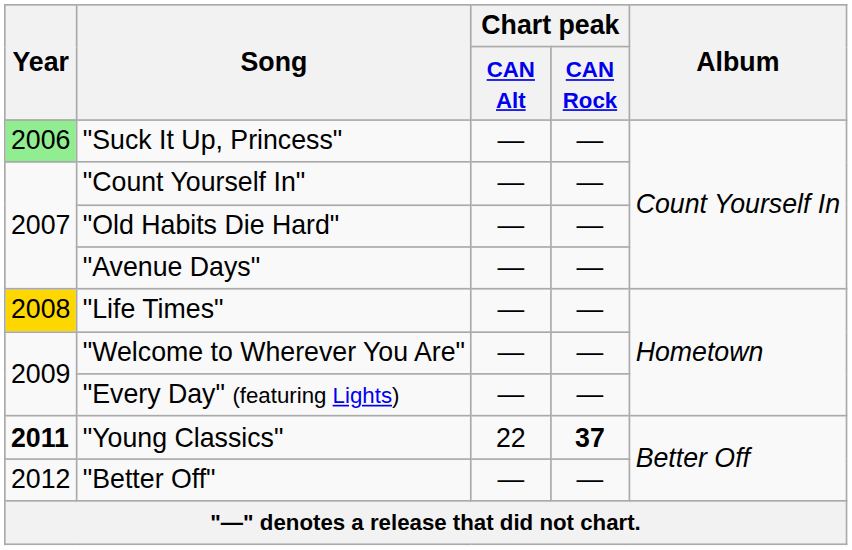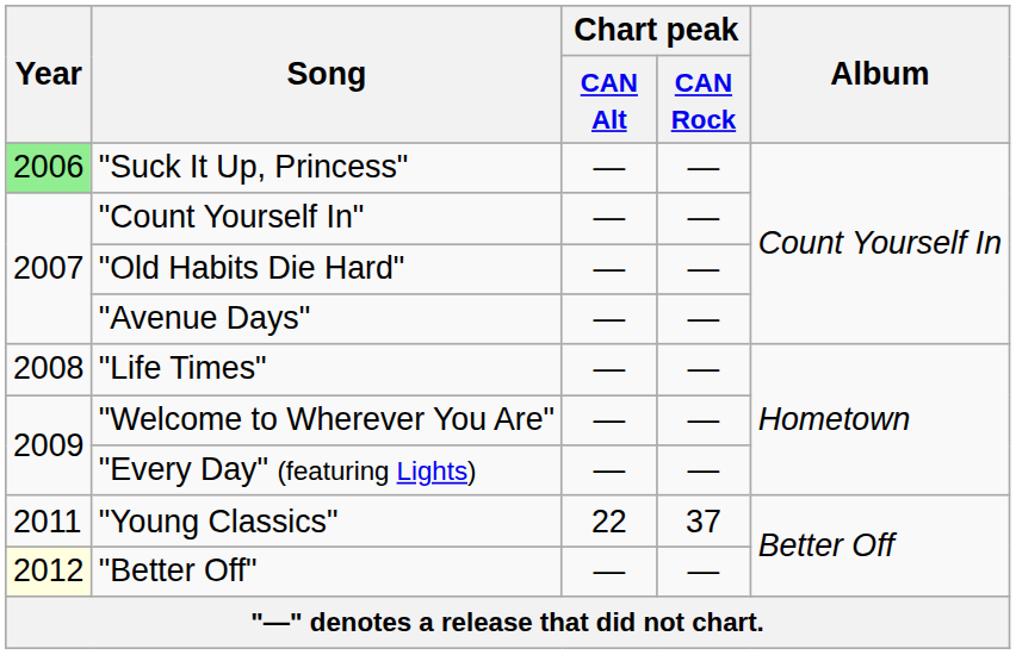 <table class="wikitable">
 <tr>
 <th rowspan="2">Year</th>
 <th rowspan="2">Song</th>
 <th colspan="2">Chart peak</th>
 <th rowspan="2">Album</th>
 </tr>
 <tr>
 <th style="width:40px;"><small><a href='#'>CAN<br>Alt</a><br></small></th>
 <th style="width:40px;"><small><a href='#'>CAN<br>Rock</a><br></small></th>
 </tr>
 <tr>
 <td style="background: lightgreen;">2006</td>
 <td>"Suck It Up, Princess"</td>
 <td style="text-align:center;">—</td>
 <td style="text-align:center;">—</td>
 <td rowspan="4"><em>Count Yourself In</em></td>
 </tr>
 <tr>
 <td rowspan="3">2007</td>
 <td>"Count Yourself In"</td>
 <td style="text-align:center;">—</td>
 <td style="text-align:center;">—</td>
 </tr>
 <tr>
 <td>"Old Habits Die Hard"</td>
 <td style="text-align:center;">—</td>
 <td style="text-align:center;">—</td>
 </tr>
 <tr>
 <td>"Avenue Days"</td>
 <td style="text-align:center;">—</td>
 <td style="text-align:center;">—</td>
 </tr>
 <tr>
-<td style="background: gold;">2008</td>
+<td>2008</td>
 <td>"Life Times"</td>
 <td style="text-align:center;">—</td>
 <td style="text-align:center;">—</td>
 <td rowspan="3"><em>Hometown</em></td>
 </tr>
 <tr>
 <td rowspan="2">2009</td>
 <td>"Welcome to Wherever You Are"</td>
 <td style="text-align:center;">—</td>
 <td style="text-align:center;">—</td>
 </tr>
 <tr>
 <td>"Every Day" <small>(featuring <a href='#'>Lights</a>)</small></td>
 <td style="text-align:center;">—</td>
 <td style="text-align:center;">—</td>
 </tr>
 <tr>
-<td><strong>2011</strong></td>
+<td>2011</td>
 <td>"Young Classics"</td>
 <td style="text-align:center;">22</td>
-<td style="text-align:center;"><strong>37</strong></td>
+<td style="text-align:center;">37</td>
 <td rowspan="2"><em>Better Off</em></td>
 </tr>
 <tr>
-<td>2012</td>
+<td style="background: lightyellow;">2012</td>
 <td>"Better Off"</td>
 <td style="text-align:center;">—</td>
 <td style="text-align:center;">—</td>
 </tr>
 <tr>
 <th colspan="10"><small>"—" denotes a release that did not chart.</small></th>
 </tr>
 </table>
